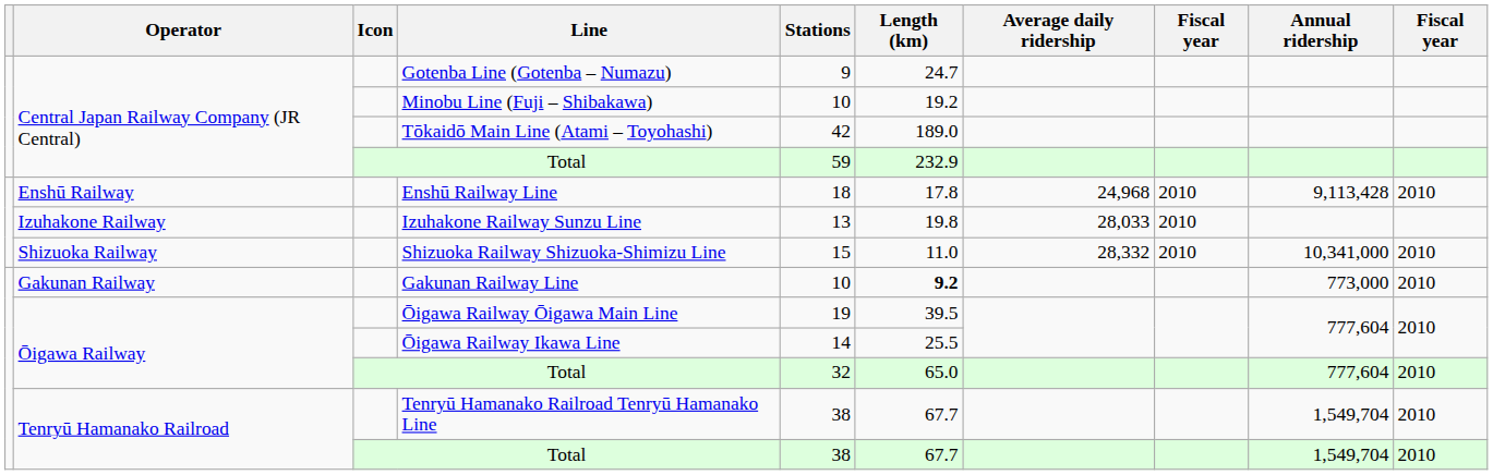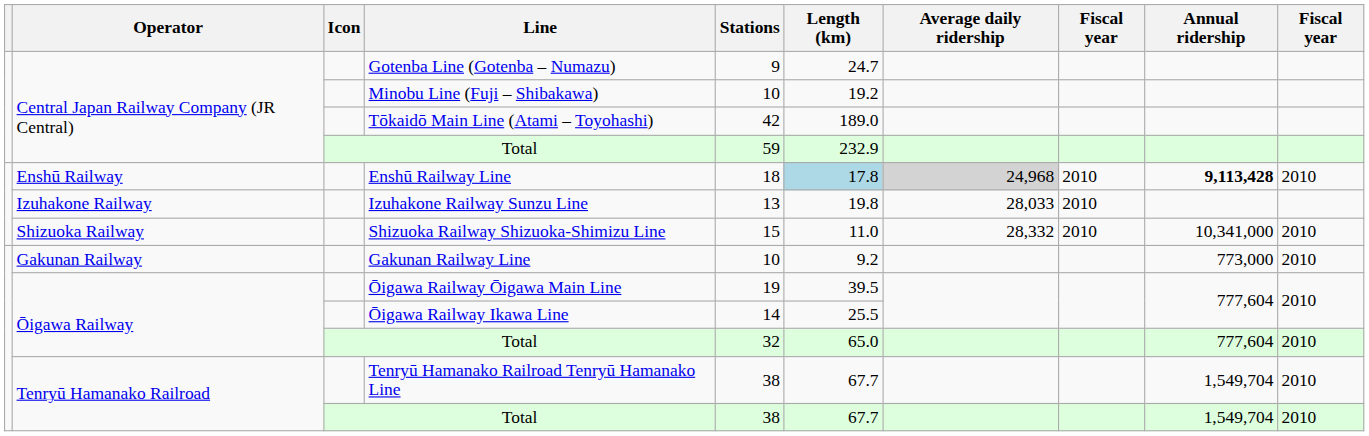 <table class="wikitable sortable">
 <tr>
 <th></th>
 <th>Operator</th>
 <th>Icon</th>
 <th>Line</th>
 <th>Stations</th>
 <th>Length (km)</th>
 <th>Average daily ridership</th>
 <th>Fiscal year</th>
 <th>Annual ridership</th>
 <th>Fiscal year</th>
 </tr>
 <tr>
 <td rowspan="4" style="text-align:center"></td>
 <td rowspan="4"><br><a href='#'>Central Japan Railway Company</a> (JR Central)</td>
 <td></td>
 <td><a href='#'>Gotenba Line</a> (<a href='#'>Gotenba</a> ‒ <a href='#'>Numazu</a>)</td>
 <td style="text-align:right">9</td>
 <td style="text-align:right">24.7</td>
 <td></td>
 <td></td>
 <td></td>
 <td></td>
 </tr>
 <tr>
 <td></td>
 <td><a href='#'>Minobu Line</a> (<a href='#'>Fuji</a> ‒ <a href='#'>Shibakawa</a>)</td>
 <td style="text-align:right">10</td>
 <td style="text-align:right">19.2</td>
 <td></td>
 <td></td>
 <td></td>
 <td></td>
 </tr>
 <tr>
 <td></td>
 <td><a href='#'>Tōkaidō Main Line</a> (<a href='#'>Atami</a> ‒ <a href='#'>Toyohashi</a>)</td>
 <td style="text-align:right">42</td>
 <td style="text-align:right">189.0</td>
 <td></td>
 <td></td>
 <td></td>
 <td></td>
 </tr>
 <tr style="background:#ddffdd;">
 <td colspan="2" style="text-align:center;">Total</td>
 <td style="text-align:right">59</td>
 <td style="text-align:right">232.9</td>
 <td></td>
 <td></td>
 <td></td>
 <td><br></td>
 </tr>
 <tr>
 <td rowspan="3" style="text-align:center"></td>
 <td> <a href='#'>Enshū Railway</a></td>
 <td></td>
 <td><a href='#'>Enshū Railway Line</a></td>
 <td style="text-align:right">18</td>
-<td style="text-align:right">17.8</td>
-<td style="text-align:right">24,968</td>
+<td style="background: lightblue; text-align:right">17.8</td>
+<td style="background: lightgrey; text-align:right">24,968</td>
 <td>2010</td>
-<td style="text-align:right">9,113,428</td>
+<td style="text-align:right"><strong>9,113,428</strong></td>
 <td>2010</td>
 </tr>
 <tr>
 <td><a href='#'>Izuhakone Railway</a></td>
 <td></td>
 <td><a href='#'>Izuhakone Railway Sunzu Line</a></td>
 <td style="text-align:right">13</td>
 <td style="text-align:right">19.8</td>
 <td style="text-align:right">28,033</td>
 <td>2010</td>
 <td></td>
 <td></td>
 </tr>
 <tr>
 <td><a href='#'>Shizuoka Railway</a></td>
 <td></td>
 <td><a href='#'>Shizuoka Railway Shizuoka-Shimizu Line</a></td>
 <td style="text-align:right">15</td>
 <td style="text-align:right">11.0</td>
 <td style="text-align:right">28,332</td>
 <td>2010</td>
 <td style="text-align:right">10,341,000</td>
 <td>2010<br></td>
 </tr>
 <tr>
 <td rowspan="6" style="text-align:center"></td>
 <td><a href='#'>Gakunan Railway</a></td>
 <td></td>
 <td><a href='#'>Gakunan Railway Line</a></td>
 <td style="text-align:right">10</td>
-<td style="text-align:right"><strong>9.2</strong></td>
+<td style="text-align:right">9.2</td>
 <td></td>
 <td></td>
 <td style="text-align:right">773,000</td>
 <td>2010</td>
 </tr>
 <tr>
 <td rowspan="3"><br><a href='#'>Ōigawa Railway</a></td>
 <td></td>
 <td><a href='#'>Ōigawa Railway Ōigawa Main Line</a></td>
 <td style="text-align:right">19</td>
 <td style="text-align:right">39.5</td>
 <td rowspan="2"> </td>
 <td rowspan="2"> </td>
 <td rowspan="2" style="text-align:right">777,604</td>
 <td rowspan="2">2010</td>
 </tr>
 <tr>
 <td></td>
 <td><a href='#'>Ōigawa Railway Ikawa Line</a></td>
 <td style="text-align:right">14</td>
 <td style="text-align:right">25.5</td>
 </tr>
 <tr style="background:#ddffdd;">
 <td colspan="2" style="text-align:center;">Total</td>
 <td style="text-align:right">32</td>
 <td style="text-align:right">65.0</td>
 <td></td>
 <td></td>
 <td style="text-align:right">777,604</td>
 <td>2010</td>
 </tr>
 <tr>
 <td rowspan="2"><a href='#'>Tenryū Hamanako Railroad</a></td>
 <td></td>
 <td><a href='#'>Tenryū Hamanako Railroad Tenryū Hamanako Line</a></td>
 <td style="text-align:right">38</td>
 <td style="text-align:right">67.7</td>
 <td></td>
 <td></td>
 <td style="text-align:right">1,549,704</td>
 <td>2010</td>
 </tr>
 <tr style="background:#ddffdd;">
 <td colspan="2" style="text-align:center;">Total</td>
 <td style="text-align:right">38</td>
 <td style="text-align:right">67.7</td>
 <td></td>
 <td></td>
 <td style="text-align:right">1,549,704</td>
 <td>2010</td>
 </tr>
 </table>
